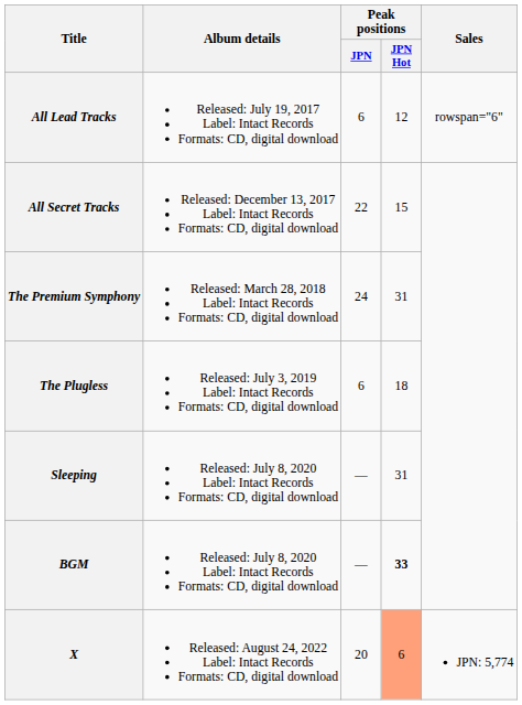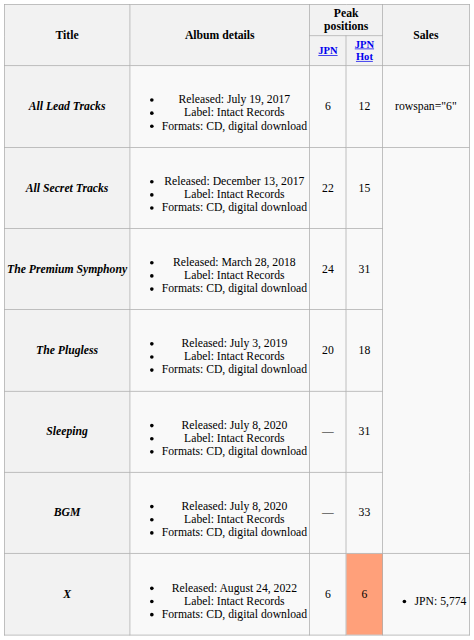 <table class="wikitable plainrowheaders" style="text-align:center">
 <tr>
 <th scope="col" rowspan="2">Title</th>
 <th scope="col" rowspan="2">Album details</th>
 <th scope="col" colspan="2">Peak positions</th>
 <th scope="col" rowspan="2">Sales</th>
 </tr>
 <tr>
 <th scope="col" style="width:3em;font-size:90%;"><a href='#'>JPN</a><br></th>
 <th scope="col" style="width:3em;font-size:90%;"><a href='#'>JPN<br>Hot</a><br></th>
 </tr>
 <tr>
 <th scope="row"><em>All Lead Tracks</em></th>
 <td><br><ul><li>Released: July 19, 2017</li><li>Label: Intact Records</li><li>Formats: CD, digital download</li></ul></td>
 <td>6</td>
 <td>12</td>
 <td>rowspan="6" </td>
 </tr>
 <tr>
 <th scope="row"><em>All Secret Tracks</em></th>
 <td><br><ul><li>Released: December 13, 2017</li><li>Label: Intact Records</li><li>Formats: CD, digital download</li></ul></td>
 <td>22</td>
 <td>15</td>
 </tr>
 <tr>
 <th scope="row"><em>The Premium Symphony</em></th>
 <td><br><ul><li>Released: March 28, 2018</li><li>Label: Intact Records</li><li>Formats: CD, digital download</li></ul></td>
 <td>24</td>
 <td>31</td>
 </tr>
 <tr>
 <th scope="row"><em>The Plugless</em></th>
 <td><br><ul><li>Released: July 3, 2019</li><li>Label: Intact Records</li><li>Formats: CD, digital download</li></ul></td>
-<td>6</td>
+<td>20</td>
 <td>18</td>
 </tr>
 <tr>
 <th scope="row"><em>Sleeping</em></th>
 <td><br><ul><li>Released: July 8, 2020</li><li>Label: Intact Records</li><li>Formats: CD, digital download</li></ul></td>
 <td>—</td>
 <td>31</td>
 </tr>
 <tr>
 <th scope="row"><em>BGM</em></th>
 <td><br><ul><li>Released: July 8, 2020</li><li>Label: Intact Records</li><li>Formats: CD, digital download</li></ul></td>
 <td>—</td>
-<td><strong>33</strong></td>
+<td>33</td>
 </tr>
 <tr>
 <th scope="row"><em>X</em></th>
 <td><br><ul><li>Released: August 24, 2022</li><li>Label: Intact Records</li><li>Formats: CD, digital download</li></ul></td>
-<td>20</td>
+<td>6</td>
 <td style="background: lightsalmon;">6</td>
 <td><br><ul><li>JPN: 5,774</li></ul></td>
 </tr>
 </table>
